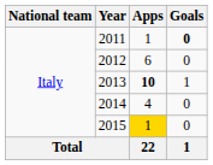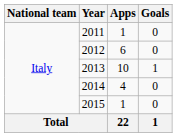 <table class="wikitable" style="text-align:center">
 <tr>
 <th>National team</th>
 <th>Year</th>
 <th>Apps</th>
 <th>Goals</th>
 </tr>
 <tr>
 <td rowspan="5"><a href='#'>Italy</a></td>
 <td>2011</td>
 <td>1</td>
-<td><strong>0</strong></td>
+<td>0</td>
 </tr>
 <tr>
 <td>2012</td>
 <td>6</td>
 <td>0</td>
 </tr>
 <tr>
 <td>2013</td>
-<td><strong>10</strong></td>
+<td>10</td>
 <td>1</td>
 </tr>
 <tr>
 <td>2014</td>
 <td>4</td>
 <td>0</td>
 </tr>
 <tr>
 <td>2015</td>
-<td style="background: gold;">1</td>
+<td>1</td>
 <td>0</td>
 </tr>
 <tr>
 <th colspan="2">Total</th>
 <th>22</th>
 <th>1</th>
 </tr>
 </table>
